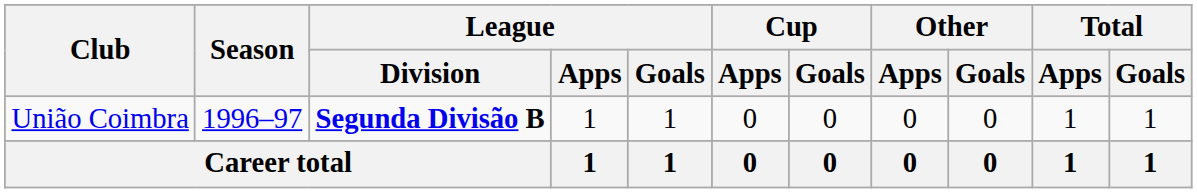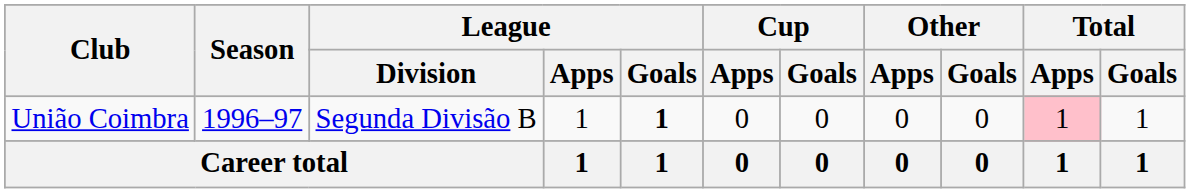 <table class="wikitable" style="text-align: center">
 <tr>
 <th rowspan="2">Club</th>
 <th rowspan="2">Season</th>
 <th colspan="3">League</th>
 <th colspan="2">Cup</th>
 <th colspan="2">Other</th>
 <th colspan="2">Total</th>
 </tr>
 <tr>
 <th>Division</th>
 <th>Apps</th>
 <th>Goals</th>
 <th>Apps</th>
 <th>Goals</th>
 <th>Apps</th>
 <th>Goals</th>
 <th>Apps</th>
 <th>Goals</th>
 </tr>
 <tr>
 <td><a href='#'>União Coimbra</a></td>
 <td><a href='#'>1996–97</a></td>
-<td><strong><a href='#'>Segunda Divisão</a> B</strong></td>
+<td><a href='#'>Segunda Divisão</a> B</td>
 <td>1</td>
-<td>1</td>
+<td><strong>1</strong></td>
 <td>0</td>
 <td>0</td>
 <td>0</td>
 <td>0</td>
-<td>1</td>
+<td style="background: pink;">1</td>
 <td>1</td>
 </tr>
 <tr>
 <th colspan="3"><strong>Career total</strong></th>
 <th>1</th>
 <th>1</th>
 <th>0</th>
 <th>0</th>
 <th>0</th>
 <th>0</th>
 <th>1</th>
 <th>1</th>
 </tr>
 </table>
